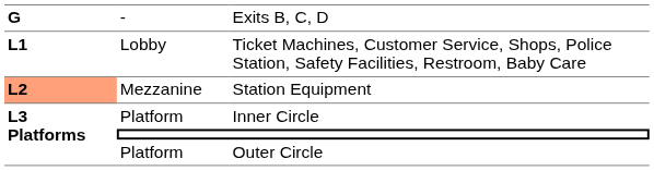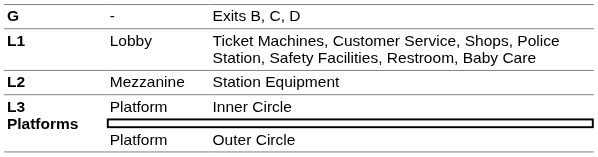 <table table border=0 cellspacing=0 cellpadding=3>
 <tr>
 <td style="border-top:solid 1px gray;" width=50 valign=top><strong>G</strong></td>
 <td style="border-top:solid 1px gray;" width=100 valign=top>-</td>
 <td style="border-top:solid 1px gray;" width=390 valign=top>Exits B, C, D</td>
 </tr>
 <tr>
 <td style="border-bottom:solid 1px gray; border-top:solid 1px gray;" valign=top width=100><strong>L1</strong></td>
 <td style="border-bottom:solid 1px gray; border-top:solid 1px gray;" valign=top width=100>Lobby</td>
 <td style="border-bottom:solid 1px gray; border-top:solid 1px gray;" valign=top width=390>Ticket Machines, Customer Service, Shops, Police Station, Safety Facilities, Restroom, Baby Care</td>
 </tr>
 <tr>
-<td style="background: lightsalmon; border-bottom:solid 1px gray;" valign=top><strong>L2</strong></td>
+<td style="border-bottom:solid 1px gray;" valign=top><strong>L2</strong></td>
 <td style="border-bottom:solid 1px gray;" valign=top>Mezzanine</td>
 <td style="border-bottom:solid 1px gray;" valign=top>Station Equipment</td>
 </tr>
 <tr>
 <td style="border-bottom:solid 1px gray;" rowspan=3 valign=top><strong>L3<br>Platforms</strong></td>
 <td>Platform </td>
 <td>  Inner Circle </td>
 </tr>
 <tr>
 <td style="border-right:solid 2px black;border-left:solid 2px black;border-top:solid 2px black;border-bottom:solid 2px black;text-align:center;" colspan=2></td>
 </tr>
 <tr>
 <td style="border-bottom:solid 1px gray;">Platform </td>
 <td style="border-bottom:solid 1px gray;"> Outer Circle  </td>
 </tr>
 <tr>
 </tr>
 </table>
